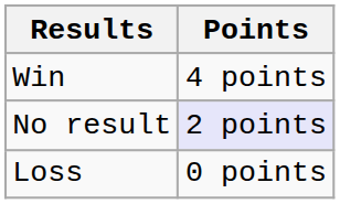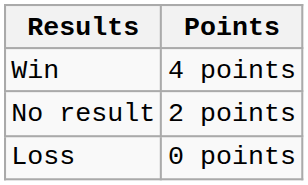 <table class="wikitable">
 <tr>
 <th colspan="1">Results</th>
 <th colspan="1">Points</th>
 </tr>
 <tr>
 <td>Win</td>
 <td>4 points</td>
 </tr>
 <tr>
 <td>No result</td>
-<td style="background: lavender;">2 points</td>
+<td>2 points</td>
 </tr>
 <tr>
 <td>Loss</td>
 <td>0 points</td>
 </tr>
 </table>
